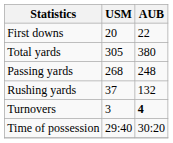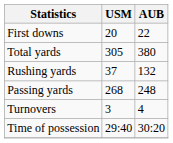 <table class="wikitable">
 <tr>
 <th>Statistics</th>
 <th>USM</th>
 <th>AUB</th>
 </tr>
 <tr>
 <td>First downs</td>
 <td>20</td>
 <td>22</td>
 </tr>
 <tr>
 <td>Total yards</td>
 <td>305</td>
 <td>380</td>
 </tr>
 <tr>
+<td>Rushing yards</td>
+<td>37</td>
+<td>132</td>
+</tr>
+<tr>
 <td>Passing yards</td>
 <td>268</td>
 <td>248</td>
 </tr>
 <tr>
-<td>Rushing yards</td>
-<td>37</td>
-<td>132</td>
-</tr>
-<tr>
 <td>Turnovers</td>
 <td>3</td>
-<td><strong>4</strong></td>
+<td>4</td>
 </tr>
 <tr>
 <td>Time of possession</td>
 <td>29:40</td>
 <td>30:20</td>
 </tr>
 <tr>
 </tr>
 </table>
